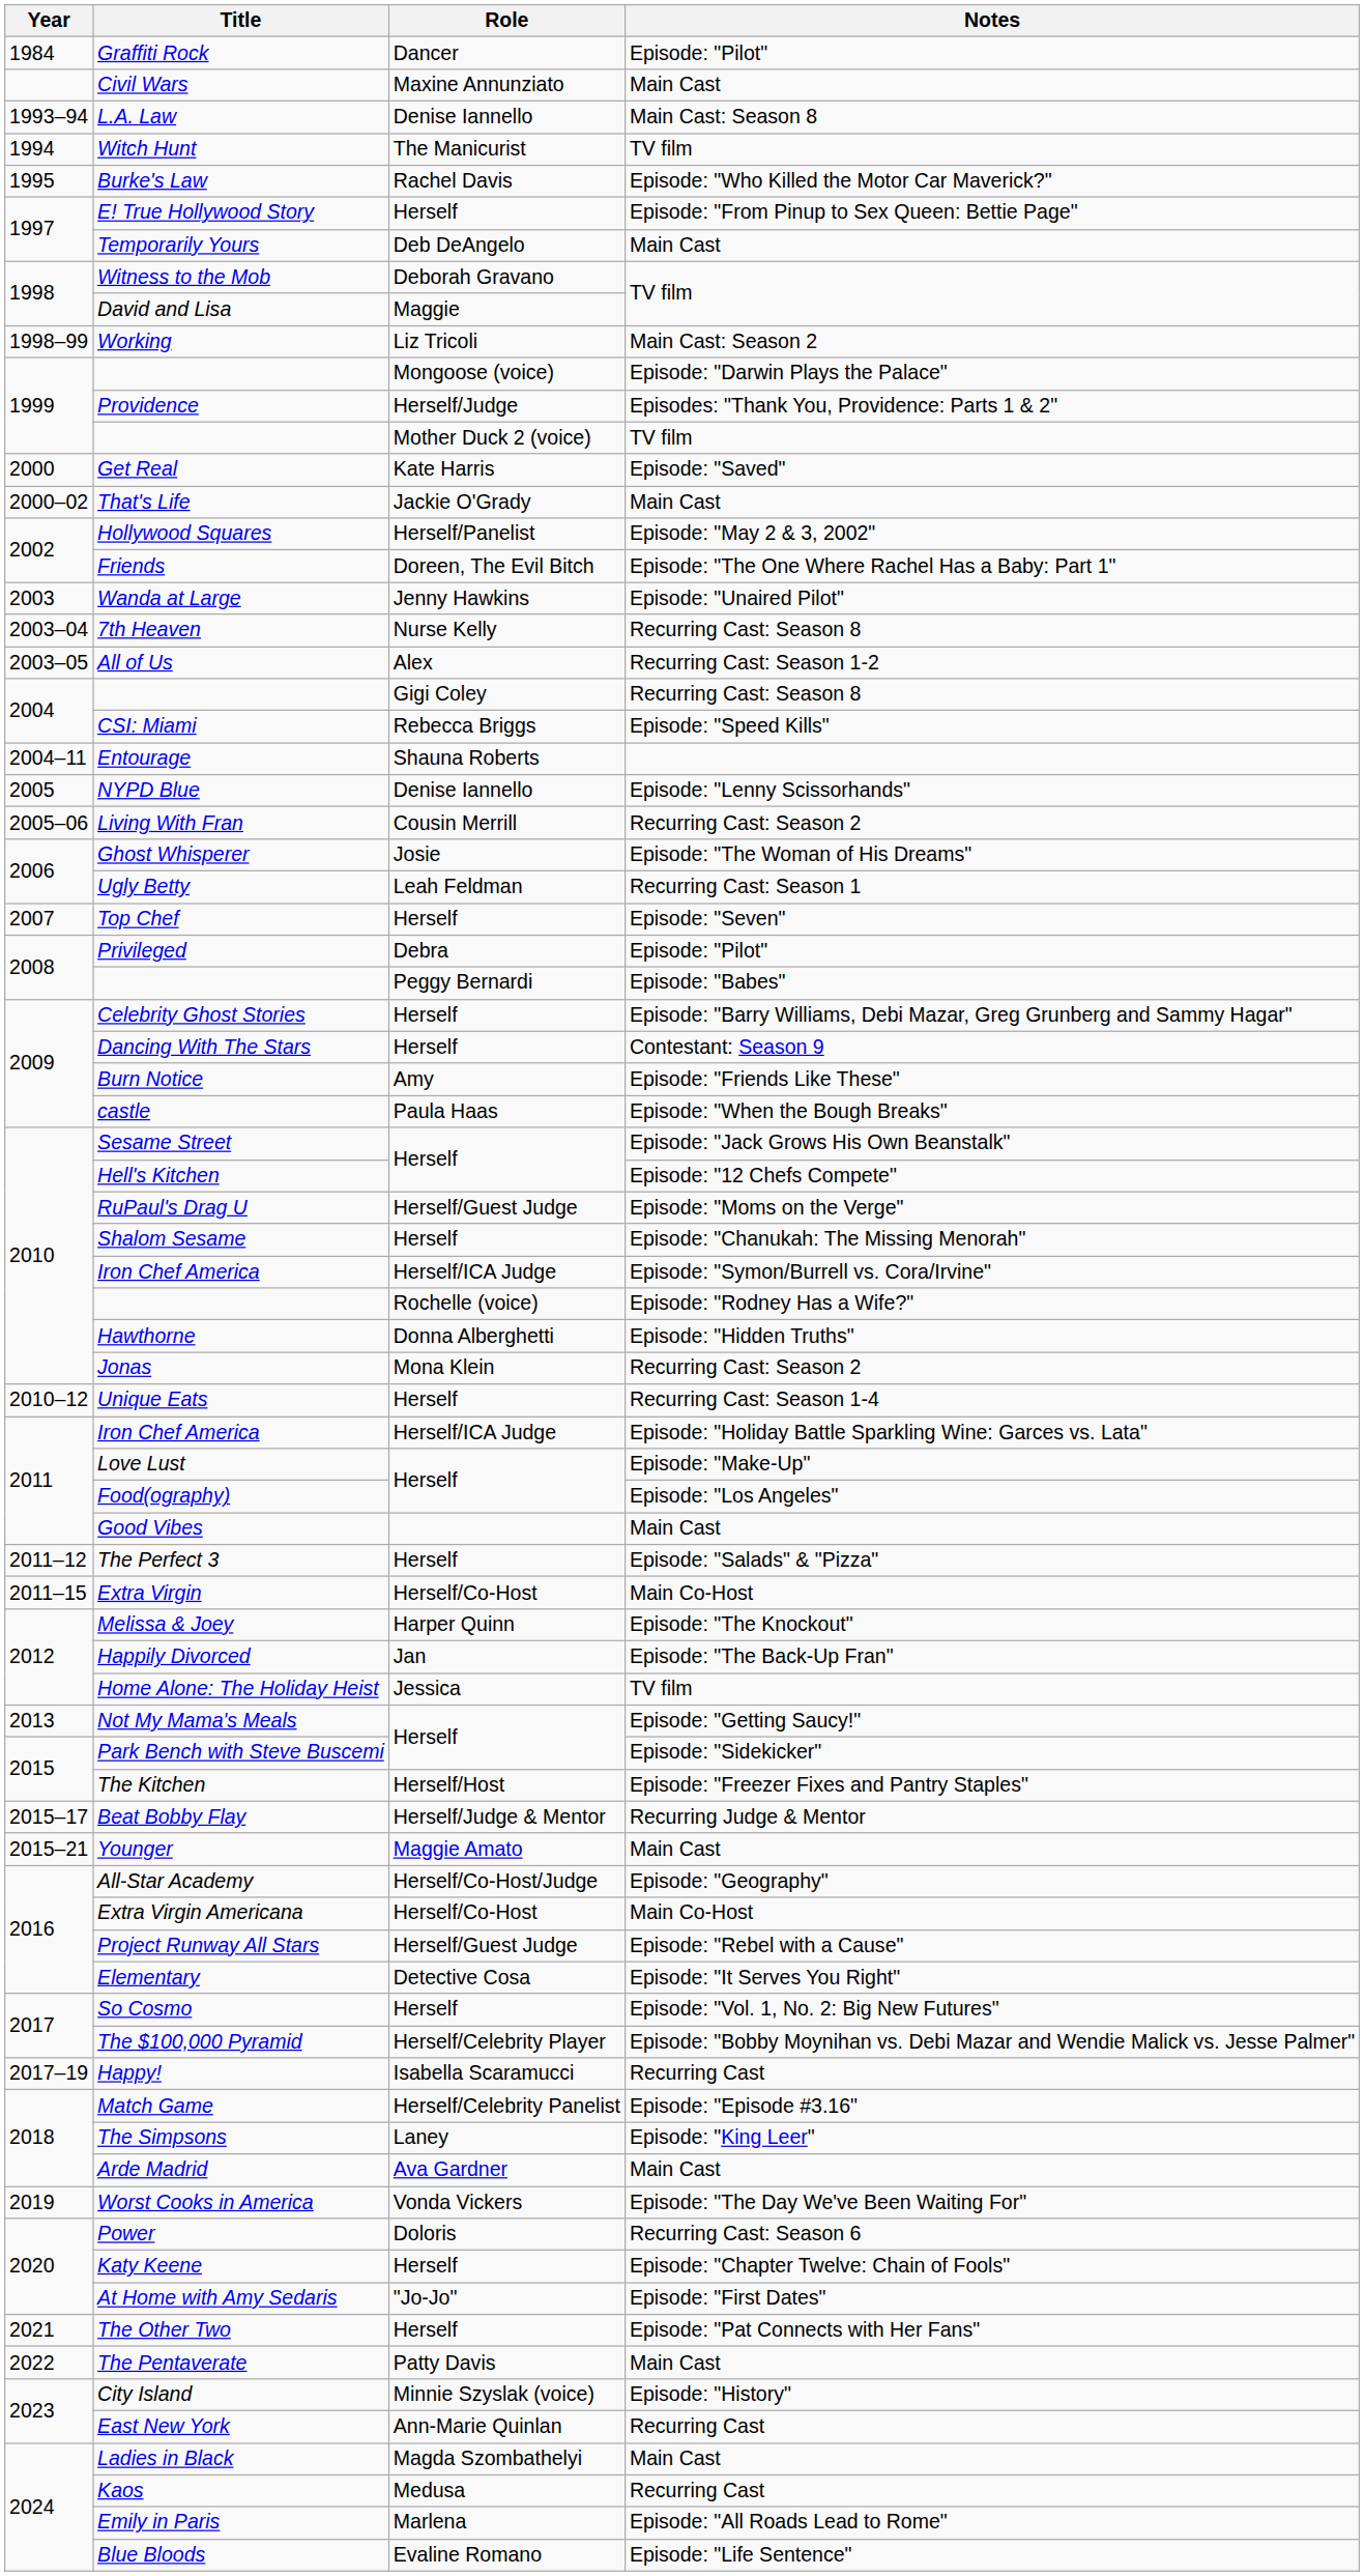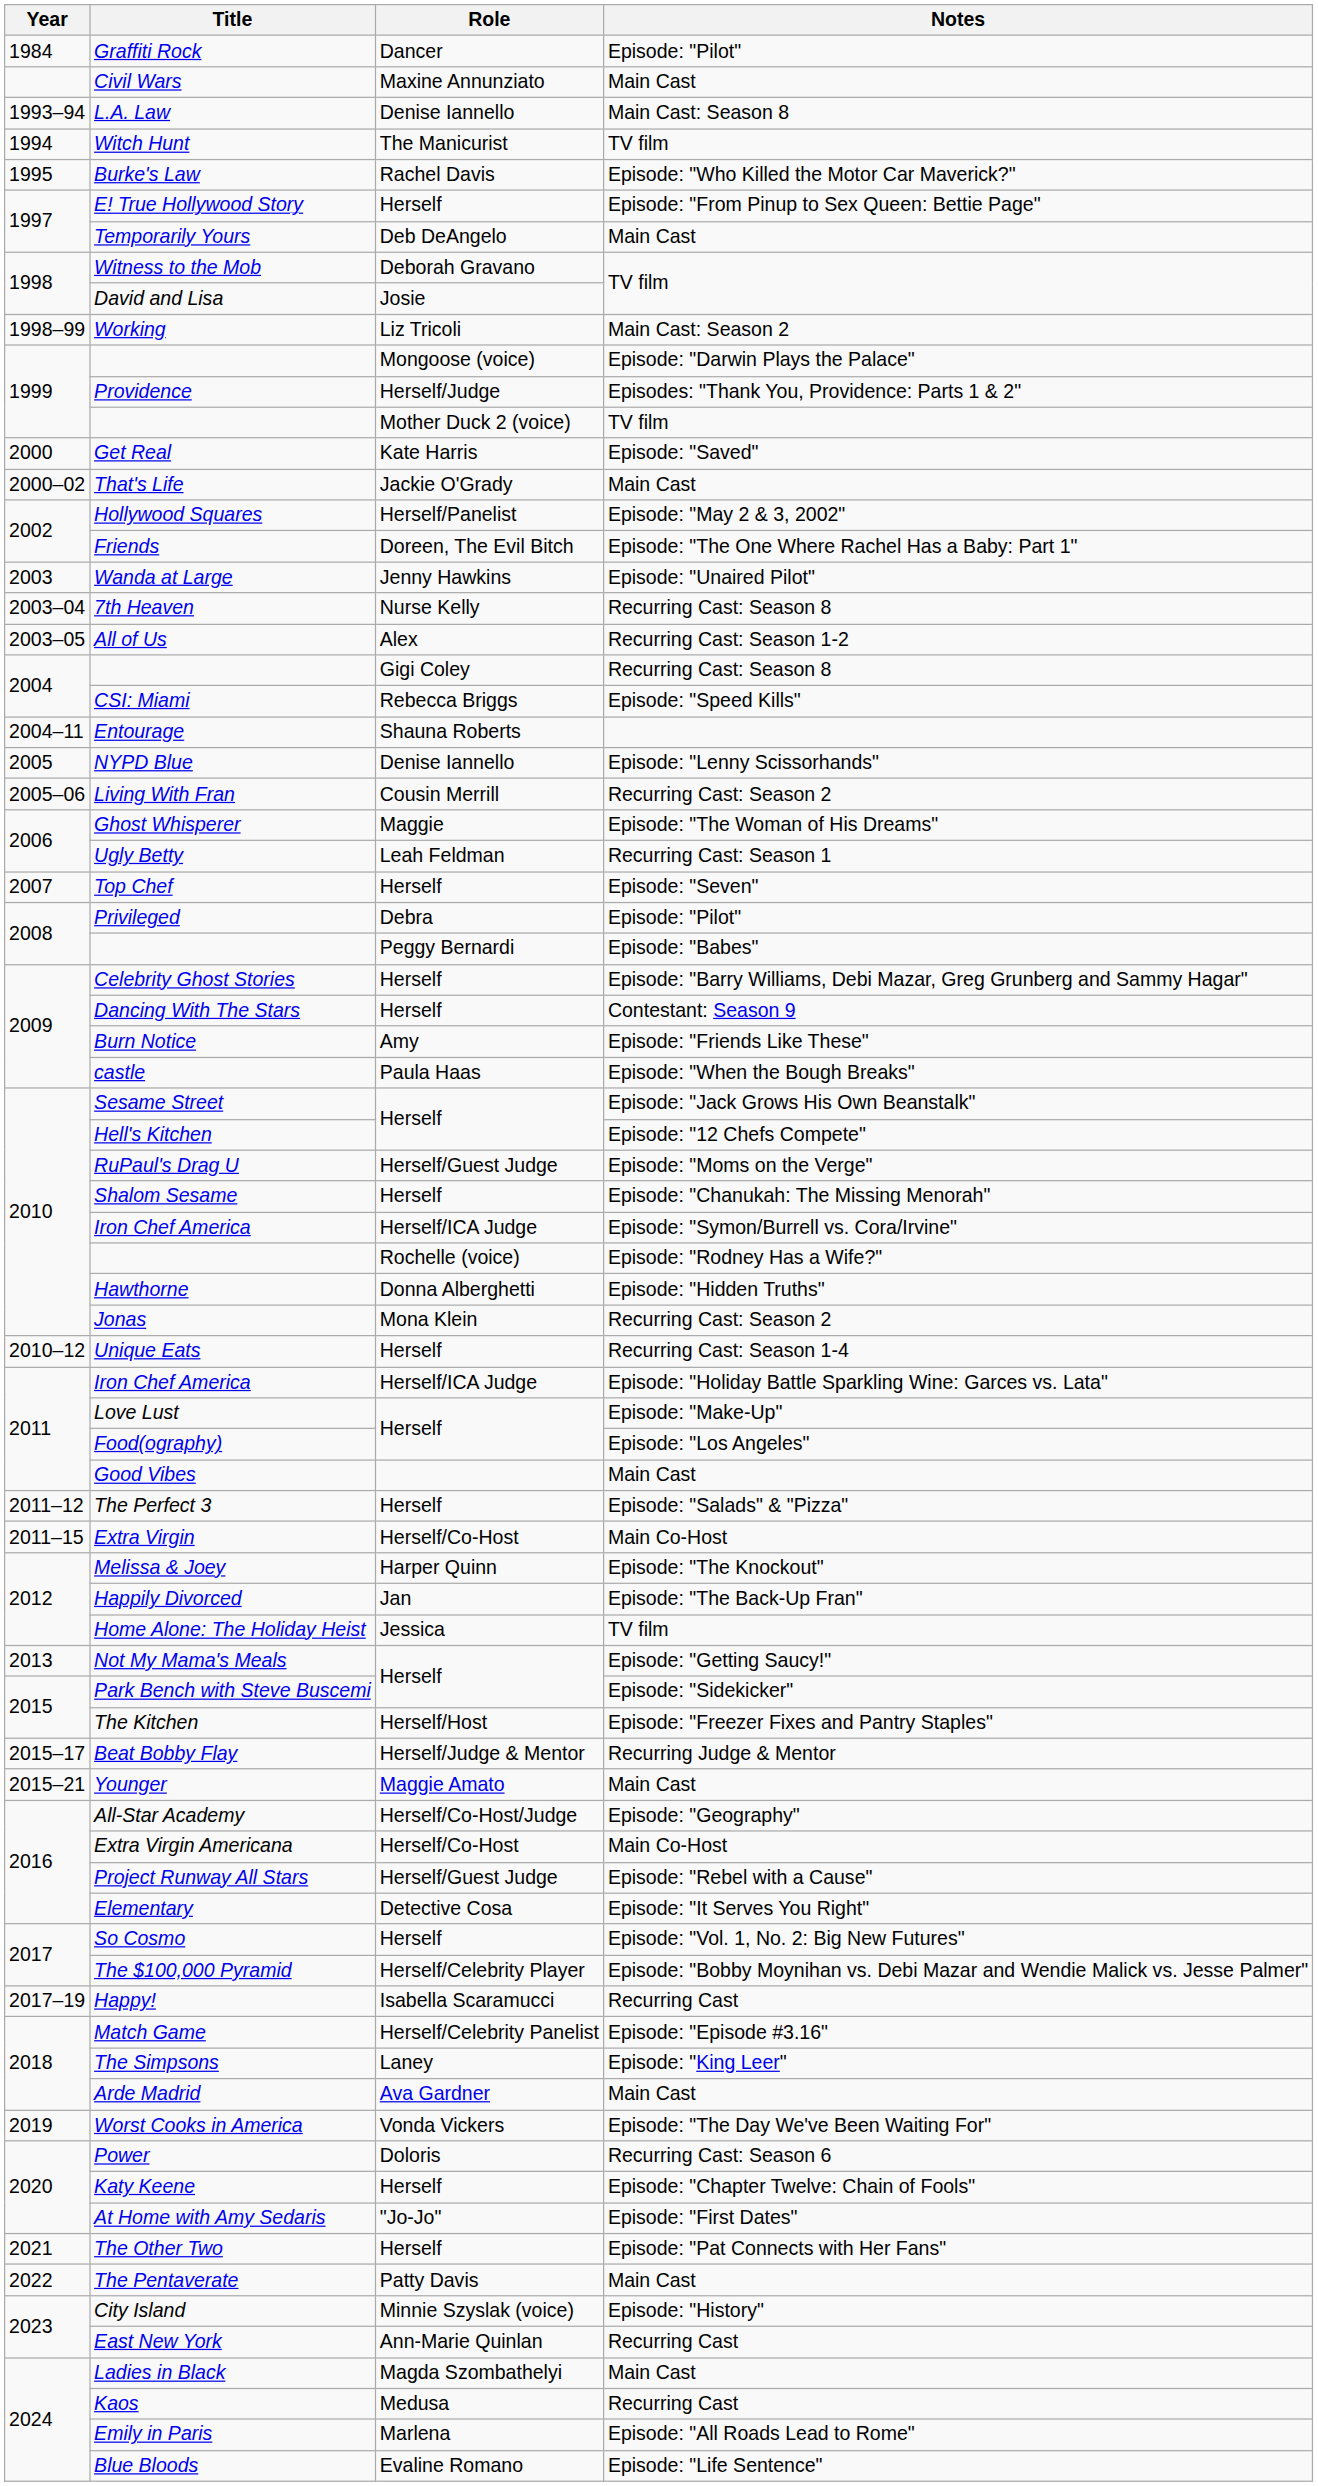 <table class="wikitable sortable">
 <tr>
 <th>Year</th>
 <th>Title</th>
 <th>Role</th>
 <th>Notes</th>
 </tr>
 <tr>
 <td>1984</td>
 <td><em><a href='#'>Graffiti Rock</a></em></td>
 <td>Dancer</td>
 <td>Episode: "Pilot"</td>
 </tr>
 <tr>
 <td></td>
 <td><em><a href='#'>Civil Wars</a></em></td>
 <td>Maxine Annunziato</td>
 <td>Main Cast</td>
 </tr>
 <tr>
 <td>1993–94</td>
 <td><em><a href='#'>L.A. Law</a></em></td>
 <td>Denise Iannello</td>
 <td>Main Cast: Season 8</td>
 </tr>
 <tr>
 <td>1994</td>
 <td><em><a href='#'>Witch Hunt</a></em></td>
 <td>The Manicurist</td>
 <td>TV film</td>
 </tr>
 <tr>
 <td>1995</td>
 <td><em><a href='#'>Burke's Law</a></em></td>
 <td>Rachel Davis</td>
 <td>Episode: "Who Killed the Motor Car Maverick?"</td>
 </tr>
 <tr>
 <td rowspan="2">1997</td>
 <td><em><a href='#'>E! True Hollywood Story</a></em></td>
 <td>Herself</td>
 <td>Episode: "From Pinup to Sex Queen: Bettie Page"</td>
 </tr>
 <tr>
 <td><em><a href='#'>Temporarily Yours</a></em></td>
 <td>Deb DeAngelo</td>
 <td>Main Cast</td>
 </tr>
 <tr>
 <td rowspan="2">1998</td>
 <td><em><a href='#'>Witness to the Mob</a></em></td>
 <td>Deborah Gravano</td>
 <td rowspan="2">TV film</td>
 </tr>
 <tr>
 <td><em>David and Lisa</em></td>
-<td>Maggie</td>
+<td>Josie</td>
 </tr>
 <tr>
 <td>1998–99</td>
 <td><em><a href='#'>Working</a></em></td>
 <td>Liz Tricoli</td>
 <td>Main Cast: Season 2</td>
 </tr>
 <tr>
 <td rowspan="3">1999</td>
 <td><em></em></td>
 <td>Mongoose (voice)</td>
 <td>Episode: "Darwin Plays the Palace"</td>
 </tr>
 <tr>
 <td><em><a href='#'>Providence</a></em></td>
 <td>Herself/Judge</td>
 <td>Episodes: "Thank You, Providence: Parts 1 & 2"</td>
 </tr>
 <tr>
 <td><em></em></td>
 <td>Mother Duck 2 (voice)</td>
 <td>TV film</td>
 </tr>
 <tr>
 <td>2000</td>
 <td><em><a href='#'>Get Real</a></em></td>
 <td>Kate Harris</td>
 <td>Episode: "Saved"</td>
 </tr>
 <tr>
 <td>2000–02</td>
 <td><em><a href='#'>That's Life</a></em></td>
 <td>Jackie O'Grady</td>
 <td>Main Cast</td>
 </tr>
 <tr>
 <td rowspan="2">2002</td>
 <td><em><a href='#'>Hollywood Squares</a></em></td>
 <td>Herself/Panelist</td>
 <td>Episode: "May 2 & 3, 2002"</td>
 </tr>
 <tr>
 <td><em><a href='#'>Friends</a></em></td>
 <td>Doreen, The Evil Bitch</td>
 <td>Episode: "The One Where Rachel Has a Baby: Part 1"</td>
 </tr>
 <tr>
 <td>2003</td>
 <td><em><a href='#'>Wanda at Large</a></em></td>
 <td>Jenny Hawkins</td>
 <td>Episode: "Unaired Pilot"</td>
 </tr>
 <tr>
 <td>2003–04</td>
 <td><em><a href='#'>7th Heaven</a></em></td>
 <td>Nurse Kelly</td>
 <td>Recurring Cast: Season 8</td>
 </tr>
 <tr>
 <td>2003–05</td>
 <td><em><a href='#'>All of Us</a></em></td>
 <td>Alex</td>
 <td>Recurring Cast: Season 1-2</td>
 </tr>
 <tr>
 <td rowspan="2">2004</td>
 <td><em></em></td>
 <td>Gigi Coley</td>
 <td>Recurring Cast: Season 8</td>
 </tr>
 <tr>
 <td><em><a href='#'>CSI: Miami</a></em></td>
 <td>Rebecca Briggs</td>
 <td>Episode: "Speed Kills"</td>
 </tr>
 <tr>
 <td>2004–11</td>
 <td><em><a href='#'>Entourage</a></em></td>
 <td>Shauna Roberts</td>
 <td></td>
 </tr>
 <tr>
 <td>2005</td>
 <td><em><a href='#'>NYPD Blue</a></em></td>
 <td>Denise Iannello</td>
 <td>Episode: "Lenny Scissorhands"</td>
 </tr>
 <tr>
 <td>2005–06</td>
 <td><em><a href='#'>Living With Fran</a></em></td>
 <td>Cousin Merrill</td>
 <td>Recurring Cast: Season 2</td>
 </tr>
 <tr>
 <td rowspan="2">2006</td>
 <td><em><a href='#'>Ghost Whisperer</a></em></td>
-<td>Josie</td>
+<td>Maggie</td>
 <td>Episode: "The Woman of His Dreams"</td>
 </tr>
 <tr>
 <td><em><a href='#'>Ugly Betty</a></em></td>
 <td>Leah Feldman</td>
 <td>Recurring Cast: Season 1</td>
 </tr>
 <tr>
 <td>2007</td>
 <td><em><a href='#'>Top Chef</a></em></td>
 <td>Herself</td>
 <td>Episode: "Seven"</td>
 </tr>
 <tr>
 <td rowspan="2">2008</td>
 <td><em><a href='#'>Privileged</a></em></td>
 <td>Debra</td>
 <td>Episode: "Pilot"</td>
 </tr>
 <tr>
 <td></td>
 <td>Peggy Bernardi</td>
 <td>Episode: "Babes"</td>
 </tr>
 <tr>
 <td rowspan="4">2009</td>
 <td><em><a href='#'>Celebrity Ghost Stories</a></em></td>
 <td>Herself</td>
 <td>Episode: "Barry Williams, Debi Mazar, Greg Grunberg and Sammy Hagar"</td>
 </tr>
 <tr>
 <td><em><a href='#'>Dancing With The Stars</a></em></td>
 <td>Herself</td>
 <td>Contestant: <a href='#'>Season 9</a></td>
 </tr>
 <tr>
 <td><em><a href='#'>Burn Notice</a></em></td>
 <td>Amy</td>
 <td>Episode: "Friends Like These"</td>
 </tr>
 <tr>
 <td><em><a href='#'>castle</a></em></td>
 <td>Paula Haas</td>
 <td>Episode: "When the Bough Breaks"</td>
 </tr>
 <tr>
 <td rowspan="8">2010</td>
 <td><em><a href='#'>Sesame Street</a></em></td>
 <td rowspan="2">Herself</td>
 <td>Episode: "Jack Grows His Own Beanstalk"</td>
 </tr>
 <tr>
 <td><em><a href='#'>Hell's Kitchen</a></em></td>
 <td>Episode: "12 Chefs Compete"</td>
 </tr>
 <tr>
 <td><em><a href='#'>RuPaul's Drag U</a></em></td>
 <td>Herself/Guest Judge</td>
 <td>Episode: "Moms on the Verge"</td>
 </tr>
 <tr>
 <td><em><a href='#'>Shalom Sesame</a></em></td>
 <td>Herself</td>
 <td>Episode: "Chanukah: The Missing Menorah"</td>
 </tr>
 <tr>
 <td><em><a href='#'>Iron Chef America</a></em></td>
 <td>Herself/ICA Judge</td>
 <td>Episode: "Symon/Burrell vs. Cora/Irvine"</td>
 </tr>
 <tr>
 <td><em></em></td>
 <td>Rochelle (voice)</td>
 <td>Episode: "Rodney Has a Wife?"</td>
 </tr>
 <tr>
 <td><em><a href='#'>Hawthorne</a></em></td>
 <td>Donna Alberghetti</td>
 <td>Episode: "Hidden Truths"</td>
 </tr>
 <tr>
 <td><em><a href='#'>Jonas</a></em></td>
 <td>Mona Klein</td>
 <td>Recurring Cast: Season 2</td>
 </tr>
 <tr>
 <td>2010–12</td>
 <td><em><a href='#'>Unique Eats</a></em></td>
 <td>Herself</td>
 <td>Recurring Cast: Season 1-4</td>
 </tr>
 <tr>
 <td rowspan="4">2011</td>
 <td><em><a href='#'>Iron Chef America</a></em></td>
 <td>Herself/ICA Judge</td>
 <td>Episode: "Holiday Battle Sparkling Wine: Garces vs. Lata"</td>
 </tr>
 <tr>
 <td><em>Love Lust</em></td>
 <td rowspan="2">Herself</td>
 <td>Episode: "Make-Up"</td>
 </tr>
 <tr>
 <td><em><a href='#'>Food(ography)</a></em></td>
 <td>Episode: "Los Angeles"</td>
 </tr>
 <tr>
 <td><em><a href='#'>Good Vibes</a></em></td>
 <td></td>
 <td>Main Cast</td>
 </tr>
 <tr>
 <td>2011–12</td>
 <td><em>The Perfect 3</em></td>
 <td>Herself</td>
 <td>Episode: "Salads" & "Pizza"</td>
 </tr>
 <tr>
 <td>2011–15</td>
 <td><em><a href='#'>Extra Virgin</a></em></td>
 <td>Herself/Co-Host</td>
 <td>Main Co-Host</td>
 </tr>
 <tr>
 <td rowspan="3">2012</td>
 <td><em><a href='#'>Melissa & Joey</a></em></td>
 <td>Harper Quinn</td>
 <td>Episode: "The Knockout"</td>
 </tr>
 <tr>
 <td><em><a href='#'>Happily Divorced</a></em></td>
 <td>Jan</td>
 <td>Episode: "The Back-Up Fran"</td>
 </tr>
 <tr>
 <td><em><a href='#'>Home Alone: The Holiday Heist</a></em></td>
 <td>Jessica</td>
 <td>TV film</td>
 </tr>
 <tr>
 <td>2013</td>
 <td><em><a href='#'>Not My Mama's Meals</a></em></td>
 <td rowspan="2">Herself</td>
 <td>Episode: "Getting Saucy!"</td>
 </tr>
 <tr>
 <td rowspan="2">2015</td>
 <td><em><a href='#'>Park Bench with Steve Buscemi</a></em></td>
 <td>Episode: "Sidekicker"</td>
 </tr>
 <tr>
 <td><em>The Kitchen</em></td>
 <td>Herself/Host</td>
 <td>Episode: "Freezer Fixes and Pantry Staples"</td>
 </tr>
 <tr>
 <td>2015–17</td>
 <td><em><a href='#'>Beat Bobby Flay</a></em></td>
 <td>Herself/Judge & Mentor</td>
 <td>Recurring Judge & Mentor</td>
 </tr>
 <tr>
 <td>2015–21</td>
 <td><em><a href='#'>Younger</a></em></td>
 <td><a href='#'>Maggie Amato</a></td>
 <td>Main Cast</td>
 </tr>
 <tr>
 <td rowspan="4">2016</td>
 <td><em>All-Star Academy</em></td>
 <td>Herself/Co-Host/Judge</td>
 <td>Episode: "Geography"</td>
 </tr>
 <tr>
 <td><em>Extra Virgin Americana</em></td>
 <td>Herself/Co-Host</td>
 <td>Main Co-Host</td>
 </tr>
 <tr>
 <td><em><a href='#'>Project Runway All Stars</a></em></td>
 <td>Herself/Guest Judge</td>
 <td>Episode: "Rebel with a Cause"</td>
 </tr>
 <tr>
 <td><em><a href='#'>Elementary</a></em></td>
 <td>Detective Cosa</td>
 <td>Episode: "It Serves You Right"</td>
 </tr>
 <tr>
 <td rowspan="2">2017</td>
 <td><em><a href='#'>So Cosmo</a></em></td>
 <td>Herself</td>
 <td>Episode: "Vol. 1, No. 2: Big New Futures"</td>
 </tr>
 <tr>
 <td><em><a href='#'>The $100,000 Pyramid</a></em></td>
 <td>Herself/Celebrity Player</td>
 <td>Episode: "Bobby Moynihan vs. Debi Mazar and Wendie Malick vs. Jesse Palmer"</td>
 </tr>
 <tr>
 <td>2017–19</td>
 <td><em><a href='#'>Happy!</a></em></td>
 <td>Isabella Scaramucci</td>
 <td>Recurring Cast</td>
 </tr>
 <tr>
 <td rowspan="3">2018</td>
 <td><em><a href='#'>Match Game</a></em></td>
 <td>Herself/Celebrity Panelist</td>
 <td>Episode: "Episode #3.16"</td>
 </tr>
 <tr>
 <td><em><a href='#'>The Simpsons</a></em></td>
 <td>Laney</td>
 <td>Episode: "<a href='#'>King Leer</a>"</td>
 </tr>
 <tr>
 <td><em><a href='#'>Arde Madrid</a></em></td>
 <td><a href='#'>Ava Gardner</a></td>
 <td>Main Cast</td>
 </tr>
 <tr>
 <td>2019</td>
 <td><em><a href='#'>Worst Cooks in America</a></em></td>
 <td>Vonda Vickers</td>
 <td>Episode: "The Day We've Been Waiting For"</td>
 </tr>
 <tr>
 <td rowspan="3">2020</td>
 <td><em><a href='#'>Power</a></em></td>
 <td>Doloris</td>
 <td>Recurring Cast: Season 6</td>
 </tr>
 <tr>
 <td><em><a href='#'>Katy Keene</a></em></td>
 <td>Herself</td>
 <td>Episode: "Chapter Twelve: Chain of Fools"</td>
 </tr>
 <tr>
 <td><em><a href='#'>At Home with Amy Sedaris</a></em></td>
 <td>"Jo-Jo"</td>
 <td>Episode: "First Dates"</td>
 </tr>
 <tr>
 <td>2021</td>
 <td><em><a href='#'>The Other Two</a></em></td>
 <td>Herself</td>
 <td>Episode: "Pat Connects with Her Fans"</td>
 </tr>
 <tr>
 <td>2022</td>
 <td><em><a href='#'>The Pentaverate</a></em></td>
 <td>Patty Davis</td>
 <td>Main Cast</td>
 </tr>
 <tr>
 <td rowspan="2">2023</td>
 <td><em>City Island</em></td>
 <td>Minnie Szyslak (voice)</td>
 <td>Episode: "History"</td>
 </tr>
 <tr>
 <td><em><a href='#'>East New York</a></em></td>
 <td>Ann-Marie Quinlan</td>
 <td>Recurring Cast</td>
 </tr>
 <tr>
 <td rowspan="4">2024</td>
 <td><em><a href='#'>Ladies in Black</a></em></td>
 <td>Magda Szombathelyi</td>
 <td>Main Cast</td>
 </tr>
 <tr>
 <td><em><a href='#'>Kaos</a></em></td>
 <td>Medusa</td>
 <td>Recurring Cast</td>
 </tr>
 <tr>
 <td><em><a href='#'>Emily in Paris</a></em></td>
 <td>Marlena</td>
 <td>Episode: "All Roads Lead to Rome"</td>
 </tr>
 <tr>
 <td><em><a href='#'>Blue Bloods</a></em></td>
 <td>Evaline Romano</td>
 <td>Episode: "Life Sentence"</td>
 </tr>
 </table>
